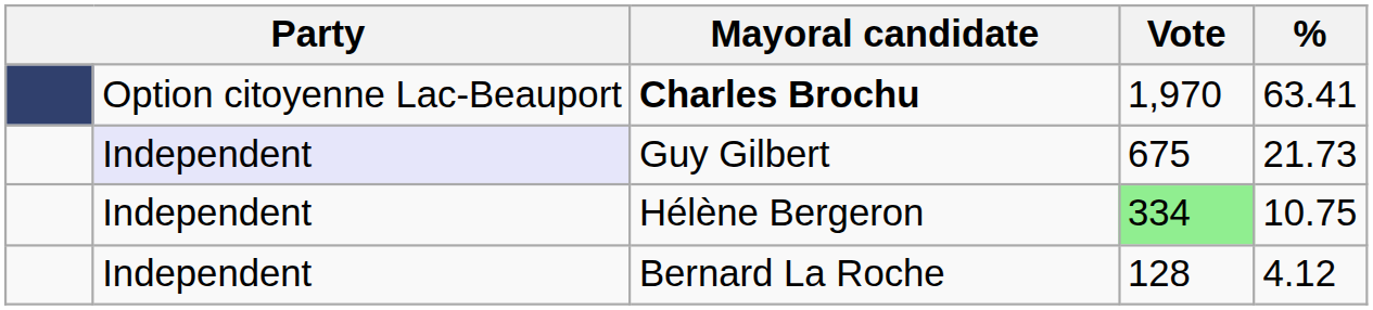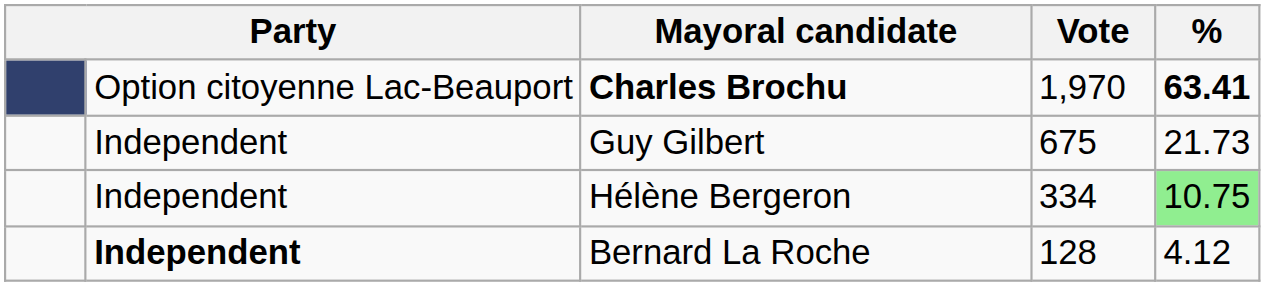 <table class="wikitable">
 <tr>
 <th bgcolor="#DDDDFF" width="230px" colspan="2">Party</th>
 <th bgcolor="#DDDDFF" width="200px">Mayoral candidate</th>
 <th bgcolor="#DDDDFF" width="50px">Vote</th>
 <th bgcolor="#DDDDFF" width="30px">%</th>
 </tr>
 <tr>
 <td bgcolor=#30406d width="30px"> </td>
 <td>Option citoyenne Lac-Beauport</td>
 <td><strong>Charles Brochu</strong></td>
 <td>1,970</td>
-<td>63.41</td>
+<td><strong>63.41</strong></td>
 </tr>
 <tr>
 <td> </td>
-<td style="background: lavender;">Independent</td>
+<td>Independent</td>
 <td>Guy Gilbert</td>
 <td>675</td>
 <td>21.73</td>
 </tr>
 <tr>
 <td> </td>
 <td>Independent</td>
 <td>Hélène Bergeron</td>
-<td style="background: lightgreen;">334</td>
-<td>10.75</td>
+<td>334</td>
+<td style="background: lightgreen;">10.75</td>
 </tr>
 <tr>
 <td> </td>
-<td>Independent</td>
+<td><strong>Independent</strong></td>
 <td>Bernard La Roche</td>
 <td>128</td>
 <td>4.12</td>
 </tr>
 </table>
